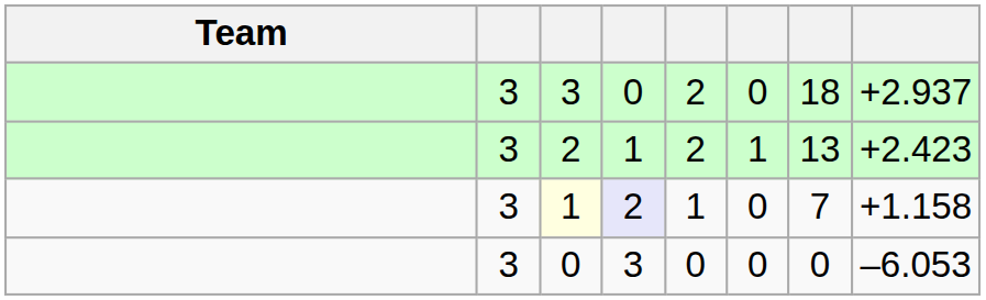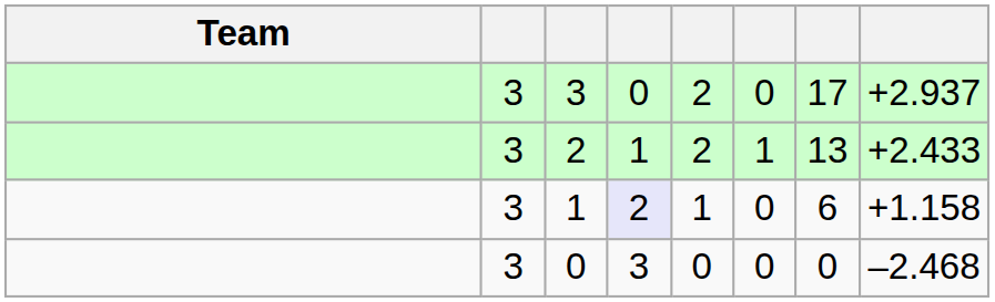 <table class="wikitable" style="text-align:center">
 <tr>
 <th width=200>Team</th>
 <th width=20></th>
 <th width=20></th>
 <th width=20></th>
 <th width=20></th>
 <th width=20></th>
 <th width=20></th>
 <th width=45></th>
 </tr>
 <tr style="background:#cfc">
 <td align="left"></td>
 <td>3</td>
 <td>3</td>
 <td>0</td>
 <td>2</td>
 <td>0</td>
-<td>18</td>
+<td>17</td>
 <td>+2.937</td>
 </tr>
 <tr style="background:#cfc">
 <td align="left"></td>
 <td>3</td>
 <td>2</td>
 <td>1</td>
 <td>2</td>
 <td>1</td>
 <td>13</td>
-<td>+2.423</td>
+<td>+2.433</td>
 </tr>
 <tr>
 <td align="left"></td>
 <td>3</td>
-<td style="background: lightyellow;">1</td>
+<td>1</td>
 <td style="background: lavender;">2</td>
 <td>1</td>
 <td>0</td>
-<td>7</td>
+<td>6</td>
 <td>+1.158</td>
 </tr>
 <tr>
 <td align="left"></td>
 <td>3</td>
 <td>0</td>
 <td>3</td>
 <td>0</td>
 <td>0</td>
 <td>0</td>
-<td>–6.053</td>
+<td>–2.468</td>
 </tr>
 </table>
